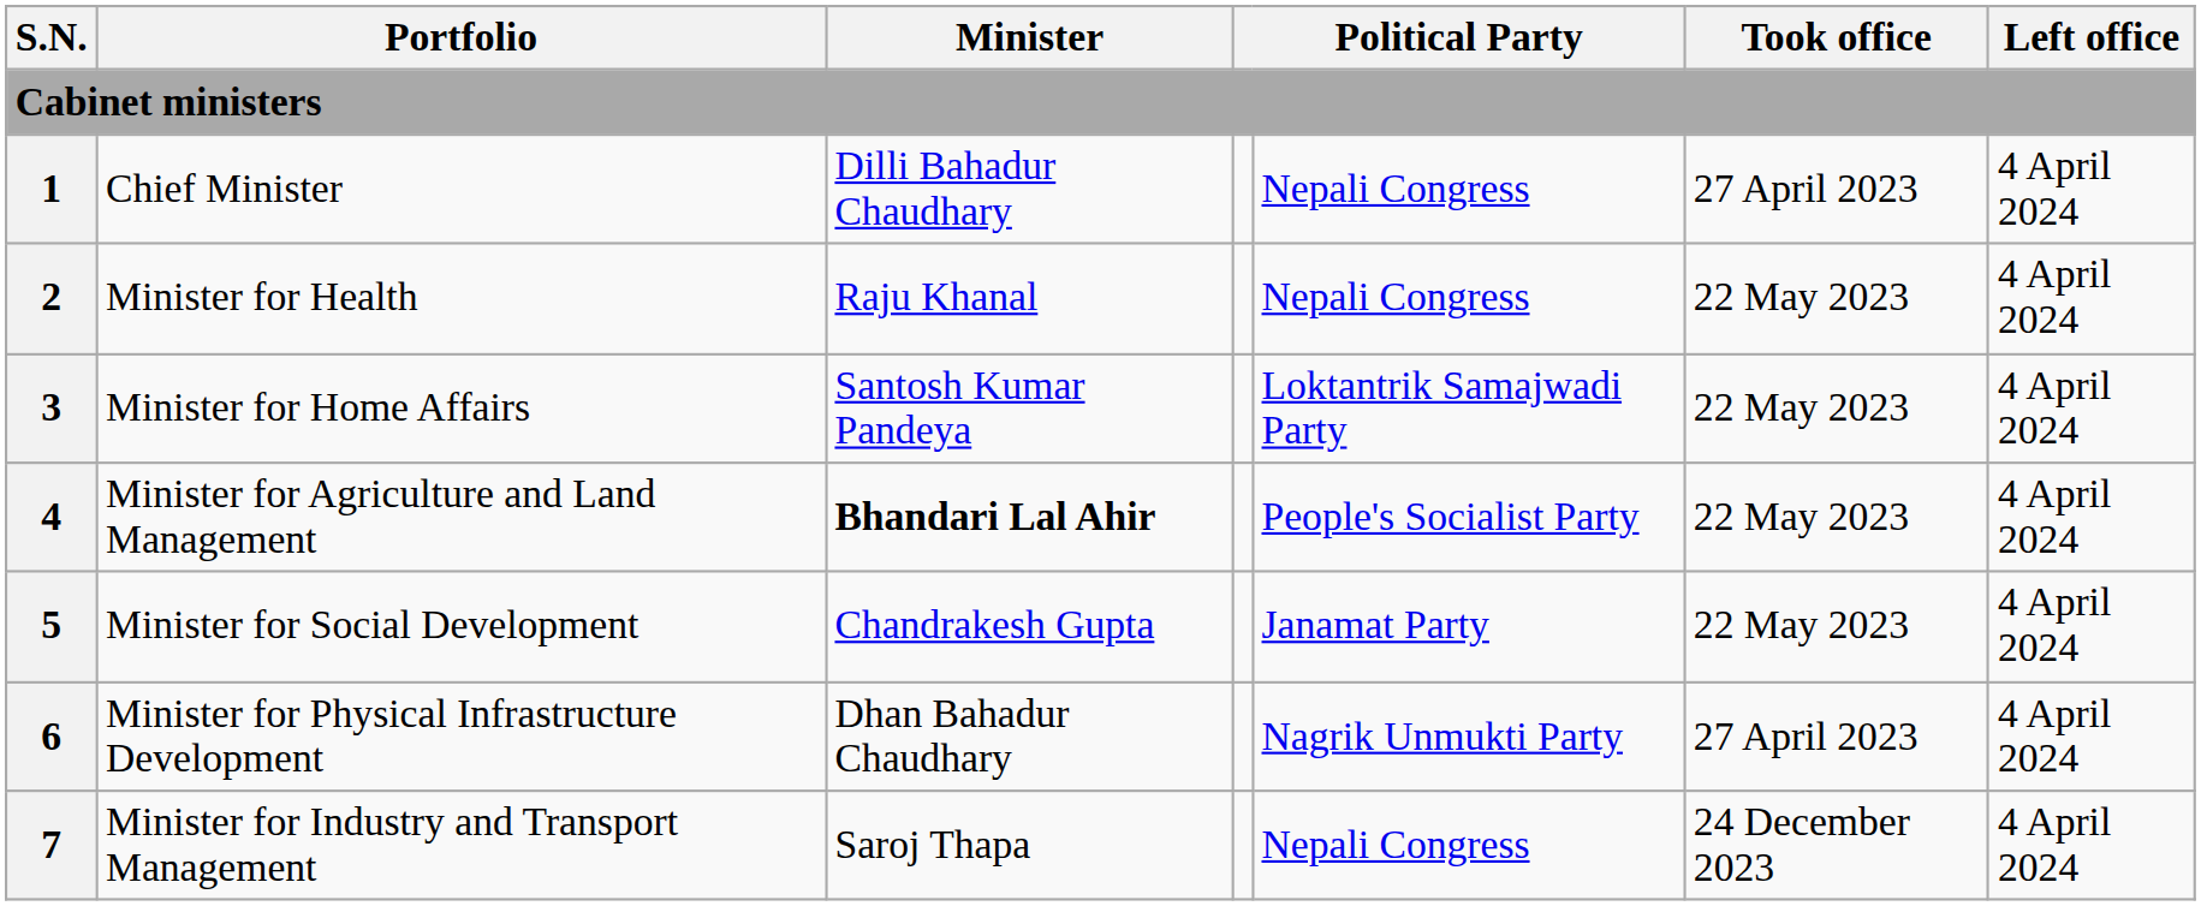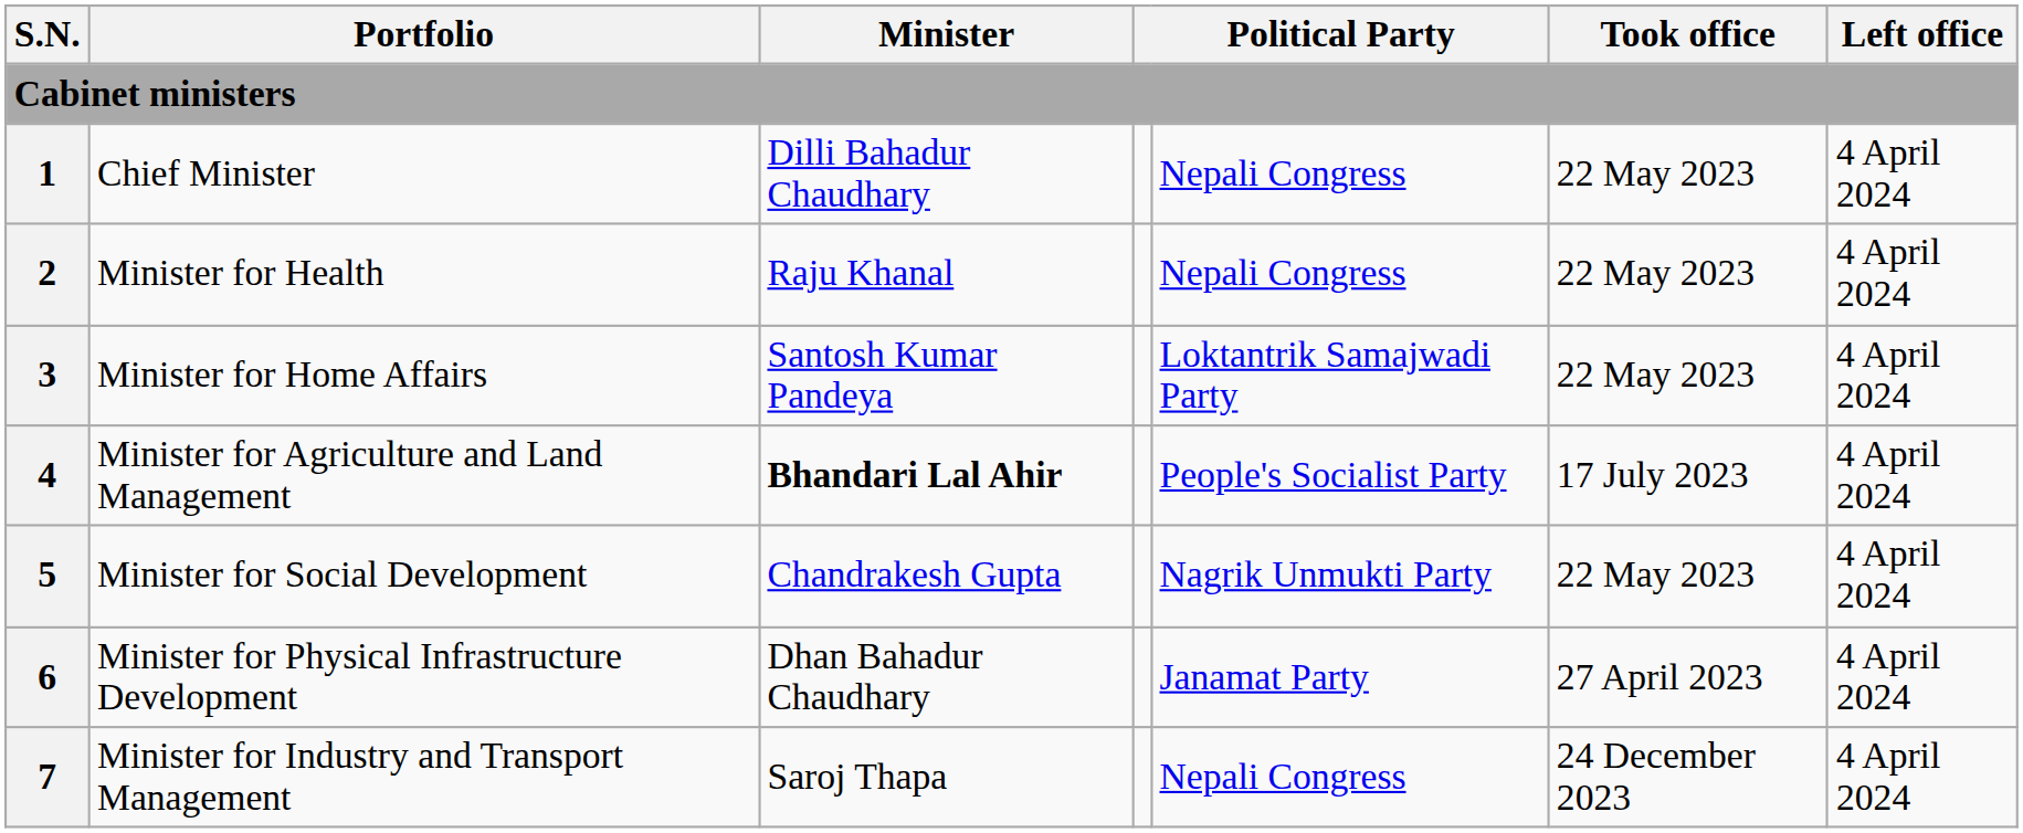 <table class="wikitable">
 <tr>
 <th>S.N.</th>
 <th>Portfolio</th>
 <th>Minister</th>
 <th colspan="2">Political Party</th>
 <th>Took office</th>
 <th>Left office</th>
 </tr>
 <tr>
 <td colspan="7" bgcolor="darkgrey"><strong>Cabinet ministers</strong></td>
 </tr>
 <tr>
 <th>1</th>
 <td>Chief Minister</td>
 <td><a href='#'>Dilli Bahadur Chaudhary</a></td>
 <td></td>
 <td><a href='#'>Nepali Congress</a></td>
-<td>27 April 2023</td>
+<td>22 May 2023</td>
 <td>4 April 2024</td>
 </tr>
 <tr>
 <th>2</th>
 <td>Minister for Health</td>
 <td><a href='#'>Raju Khanal</a></td>
 <td></td>
 <td><a href='#'>Nepali Congress</a></td>
 <td>22 May 2023</td>
 <td>4 April 2024</td>
 </tr>
 <tr>
 <th>3</th>
 <td>Minister for Home Affairs</td>
 <td><a href='#'>Santosh Kumar Pandeya</a></td>
 <td></td>
 <td><a href='#'>Loktantrik Samajwadi Party</a></td>
 <td>22 May 2023</td>
 <td>4 April 2024</td>
 </tr>
 <tr>
 <th>4</th>
 <td>Minister for Agriculture and Land Management</td>
 <td><strong>Bhandari Lal Ahir</strong></td>
 <td></td>
 <td><a href='#'>People's Socialist Party</a></td>
-<td>22 May 2023</td>
+<td>17 July 2023</td>
 <td>4 April 2024</td>
 </tr>
 <tr>
 <th>5</th>
 <td>Minister for Social Development</td>
 <td><a href='#'>Chandrakesh Gupta</a></td>
 <td></td>
-<td><a href='#'>Janamat Party</a></td>
+<td><a href='#'>Nagrik Unmukti Party</a></td>
 <td>22 May 2023</td>
 <td>4 April 2024</td>
 </tr>
 <tr>
 <th>6</th>
 <td>Minister for Physical Infrastructure Development</td>
 <td>Dhan Bahadur Chaudhary</td>
 <td></td>
-<td><a href='#'>Nagrik Unmukti Party</a></td>
+<td><a href='#'>Janamat Party</a></td>
 <td>27 April 2023</td>
 <td>4 April 2024</td>
 </tr>
 <tr>
 <th>7</th>
 <td>Minister for Industry and Transport Management</td>
 <td>Saroj Thapa</td>
 <td></td>
 <td><a href='#'>Nepali Congress</a></td>
 <td>24 December 2023</td>
 <td>4 April 2024</td>
 </tr>
 </table>
